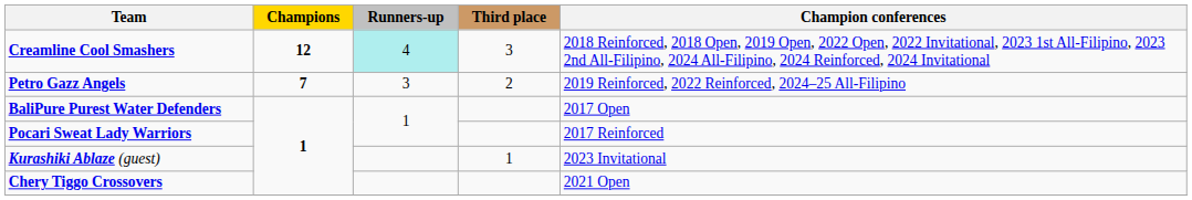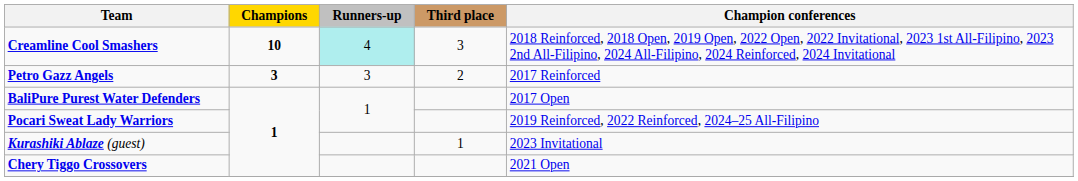 <table class="wikitable" style="font-size:90%; text-align:center" width="90%">
 <tr>
 <th width=21%;>Team</th>
 <th style="width=9%; background:gold">Champions</th>
 <th style="width=9%; background:silver">Runners-up</th>
 <th style="width=9%; background:#cc9966">Third place</th>
 <th width=53%;>Champion conferences</th>
 </tr>
 <tr>
 <td style="text-align:left"><strong><a href='#'>Creamline Cool Smashers</a></strong></td>
-<td><strong>12</strong></td>
+<td><strong>10</strong></td>
 <td style="background: paleturquoise;">4</td>
 <td>3</td>
 <td style="text-align:left"><a href='#'>2018 Reinforced</a>, <a href='#'>2018 Open</a>, <a href='#'>2019 Open</a>, <a href='#'>2022 Open</a>, <a href='#'>2022 Invitational</a>, <a href='#'>2023 1st All-Filipino</a>, <a href='#'>2023 2nd All-Filipino</a>, <a href='#'>2024 All-Filipino</a>, <a href='#'>2024 Reinforced</a>, <a href='#'>2024 Invitational</a></td>
 </tr>
 <tr>
 <td style="text-align:left"><strong><a href='#'>Petro Gazz Angels</a></strong></td>
-<td><strong>7</strong></td>
+<td><strong>3</strong></td>
 <td>3</td>
 <td>2</td>
-<td style="text-align:left"><a href='#'>2019 Reinforced</a>, <a href='#'>2022 Reinforced</a>, <a href='#'>2024–25 All-Filipino</a></td>
+<td style="text-align:left"><a href='#'>2017 Reinforced</a></td>
 </tr>
 <tr>
 <td style="text-align:left"><strong><a href='#'>BaliPure Purest Water Defenders</a></strong></td>
 <td rowspan="4"><strong>1</strong></td>
 <td rowspan="2">1</td>
 <td></td>
 <td style="text-align:left"><a href='#'>2017 Open</a></td>
 </tr>
 <tr>
 <td style="text-align:left"><strong><a href='#'>Pocari Sweat Lady Warriors</a></strong><br> </td>
 <td></td>
-<td style="text-align:left"><a href='#'>2017 Reinforced</a></td>
+<td style="text-align:left"><a href='#'>2019 Reinforced</a>, <a href='#'>2022 Reinforced</a>, <a href='#'>2024–25 All-Filipino</a></td>
 </tr>
 <tr>
 <td style="text-align:left"><strong><em><a href='#'>Kurashiki Ablaze</a></em></strong> <em>(guest)</em><br></td>
 <td></td>
 <td>1</td>
 <td style="text-align:left"><a href='#'>2023 Invitational</a></td>
 </tr>
 <tr>
 <td style="text-align:left"><strong><a href='#'>Chery Tiggo Crossovers</a></strong><br></td>
 <td></td>
 <td></td>
 <td style="text-align:left"><a href='#'>2021 Open</a></td>
 </tr>
 <tr>
 </tr>
 </table>
